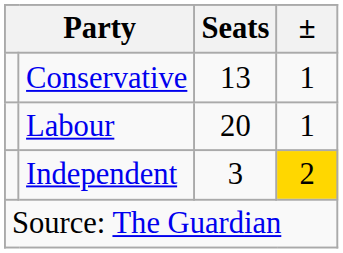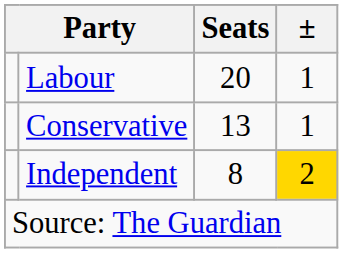 <table class="sortable wikitable">
 <tr>
 <th colspan="2">Party</th>
 <th>Seats</th>
 <th>  ±  </th>
+</tr>
+<tr>
+<td style="background-color: "></td>
+<td><a href='#'>Labour</a></td>
+<td align="center">20</td>
+<td align="center">1</td>
 </tr>
 <tr>
 <td style="background-color: "></td>
 <td><a href='#'>Conservative</a></td>
 <td align="center">13</td>
 <td align="center">1</td>
 </tr>
 <tr>
 <td style="background-color: "></td>
-<td><a href='#'>Labour</a></td>
-<td align="center">20</td>
-<td align="center">1</td>
-</tr>
-<tr>
-<td style="background-color: "></td>
 <td><a href='#'>Independent</a></td>
-<td align="center">3</td>
+<td align="center">8</td>
 <td align="center" style="background: gold;">2</td>
 </tr>
 <tr>
 <td colspan=4>Source: <a href='#'>The Guardian</a></td>
 </tr>
 </table>
